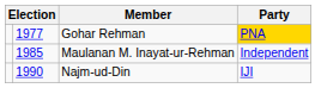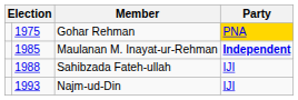 <table class="wikitable">
 <tr>
 <th colspan="2">Election</th>
 <th>Member</th>
 <th>Party</th>
 </tr>
 <tr>
 <td style="background-color: "></td>
-<td><a href='#'>1977</a></td>
+<td><a href='#'>1975</a></td>
 <td>Gohar Rehman</td>
 <td style="background: gold;"><a href='#'>PNA</a></td>
 </tr>
 <tr>
 <td style="background-color: "></td>
 <td><a href='#'>1985</a></td>
 <td>Maulanan M. Inayat-ur-Rehman</td>
-<td><a href='#'>Independent</a></td>
+<td><strong><a href='#'>Independent</a></strong></td>
 </tr>
 <tr>
 <td style="background-color: "></td>
-<td><a href='#'>1990</a></td>
+<td><a href='#'>1988</a></td>
+<td>Sahibzada Fateh-ullah</td>
+<td><a href='#'>IJI</a></td>
+</tr>
+<tr>
+<td style="background-color: "></td>
+<td><a href='#'>1993</a></td>
 <td>Najm-ud-Din</td>
 <td><a href='#'>IJI</a></td>
 </tr>
 </table>
